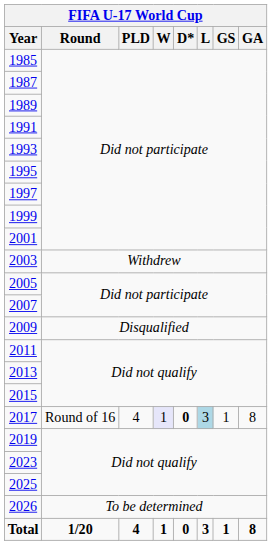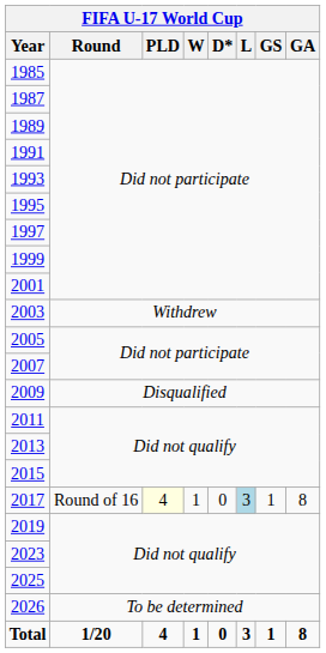 <table class="wikitable" style="text-align: center;">
 <tr>
 <th colspan=9><a href='#'>FIFA U-17 World Cup</a></th>
 </tr>
 <tr>
 <th>Year</th>
 <th>Round</th>
 <th>PLD</th>
 <th>W</th>
 <th>D*</th>
 <th>L</th>
 <th>GS</th>
 <th>GA</th>
 </tr>
 <tr>
 <td> <a href='#'>1985</a></td>
 <td colspan=8 rowspan=9><em>Did not participate</em></td>
 </tr>
 <tr>
 <td> <a href='#'>1987</a></td>
 </tr>
 <tr>
 <td> <a href='#'>1989</a></td>
 </tr>
 <tr>
 <td> <a href='#'>1991</a></td>
 </tr>
 <tr>
 <td> <a href='#'>1993</a></td>
 </tr>
 <tr>
 <td> <a href='#'>1995</a></td>
 </tr>
 <tr>
 <td> <a href='#'>1997</a></td>
 </tr>
 <tr>
 <td> <a href='#'>1999</a></td>
 </tr>
 <tr>
 <td> <a href='#'>2001</a></td>
 </tr>
 <tr>
 <td> <a href='#'>2003</a></td>
 <td colspan=8><em>Withdrew</em></td>
 </tr>
 <tr>
 <td> <a href='#'>2005</a></td>
 <td colspan=8 rowspan=2><em>Did not participate</em></td>
 </tr>
 <tr>
 <td> <a href='#'>2007</a></td>
 </tr>
 <tr>
 <td> <a href='#'>2009</a></td>
 <td colspan=8><em>Disqualified</em></td>
 </tr>
 <tr>
 <td> <a href='#'>2011</a></td>
 <td colspan=8 rowspan=3><em>Did not qualify</em></td>
 </tr>
 <tr>
 <td> <a href='#'>2013</a></td>
 </tr>
 <tr>
 <td> <a href='#'>2015</a></td>
 </tr>
 <tr>
 <td> <a href='#'>2017</a></td>
 <td>Round of 16</td>
-<td>4</td>
-<td style="background: lavender;">1</td>
-<td><strong>0</strong></td>
+<td style="background: lightyellow;">4</td>
+<td>1</td>
+<td>0</td>
 <td style="background: lightblue;">3</td>
 <td>1</td>
 <td>8</td>
 </tr>
 <tr>
 <td> <a href='#'>2019</a></td>
 <td colspan=8 rowspan=3><em>Did not qualify</em></td>
 </tr>
 <tr>
 <td> <a href='#'>2023</a></td>
 </tr>
 <tr>
 <td> <a href='#'>2025</a></td>
 </tr>
 <tr>
 <td> <a href='#'>2026</a></td>
 <td colspan=7><em>To be determined</em></td>
 </tr>
 <tr>
 <td><strong>Total</strong></td>
 <td><strong>1/20</strong></td>
 <td><strong>4</strong></td>
 <td><strong>1</strong></td>
 <td><strong>0</strong></td>
 <td><strong>3</strong></td>
 <td><strong>1</strong></td>
 <td><strong>8</strong></td>
 </tr>
 </table>
